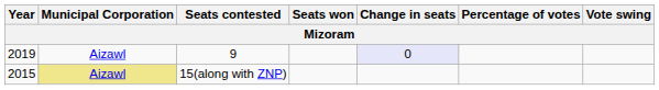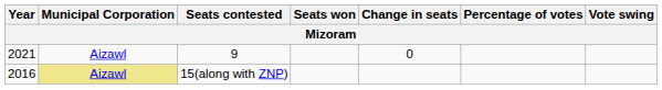 <table class="wikitable" style="text-align:center">
 <tr>
 <th Style="background-color:">Year</th>
 <th Style="background-color:">Municipal Corporation</th>
 <th Style="background-color:">Seats contested</th>
 <th Style="background-color:">Seats won</th>
 <th Style="background-color:">Change in seats</th>
 <th Style="background-color:">Percentage of votes</th>
 <th Style="background-color:">Vote swing</th>
 </tr>
 <tr>
 <th colspan=7>Mizoram</th>
 </tr>
 <tr>
-<td>2019</td>
+<td>2021</td>
 <td><a href='#'>Aizawl</a></td>
 <td>9</td>
 <td></td>
-<td style="background: lavender;"> 0</td>
+<td> 0</td>
 <td></td>
 <td></td>
 </tr>
 <tr>
-<td>2015</td>
+<td>2016</td>
 <td style="background: khaki;"><a href='#'>Aizawl</a></td>
 <td>15(along with <a href='#'>ZNP</a>)</td>
 <td></td>
 <td></td>
 <td></td>
 <td></td>
 </tr>
 </table>
